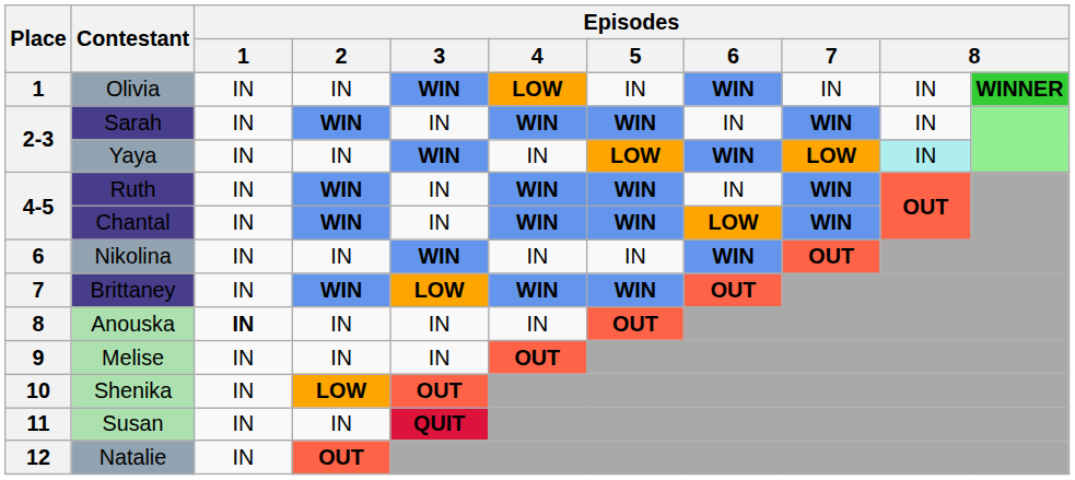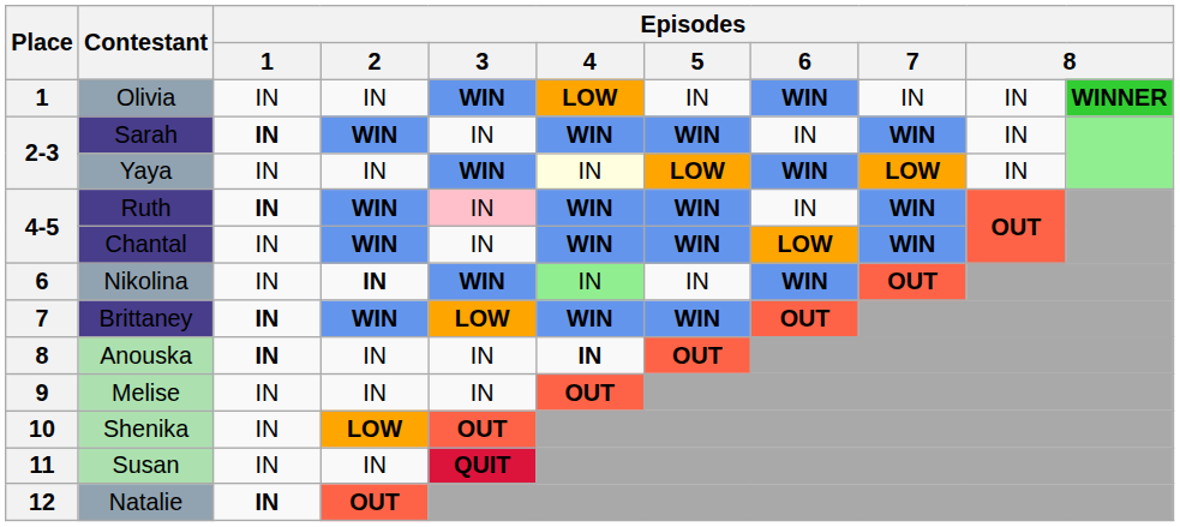 <table class="wikitable" style="text-align:center; font-size:92%">
 <tr>
 <th rowspan=2>Place</th>
 <th rowspan=2>Contestant</th>
 <th colspan=9>Episodes</th>
 </tr>
 <tr>
 <th style="width:60px;">1</th>
 <th style="width:60px;">2</th>
 <th style="width:60px;">3</th>
 <th style="width:60px;">4</th>
 <th style="width:60px;">5</th>
 <th style="width:60px;">6</th>
 <th style="width:60px;">7</th>
 <th colspan="2">8</th>
 </tr>
 <tr>
 <th>1</th>
 <td style="background:#91A3B0;"><span>Olivia</span></td>
 <td>IN</td>
 <td>IN</td>
 <td style="background:cornflowerblue;"><strong>WIN</strong></td>
 <td style="background:orange;"><strong>LOW</strong></td>
 <td>IN</td>
 <td style="background:cornflowerblue;"><strong>WIN</strong></td>
 <td>IN</td>
 <td width="55">IN</td>
 <td style="background:limegreen;"><strong>WINNER</strong></td>
 </tr>
 <tr>
 <th rowspan=2>2-3</th>
 <td style="background:#483d8b;"><span>Sarah</span></td>
-<td>IN</td>
+<td><strong>IN</strong></td>
 <td style="background:cornflowerblue;"><strong>WIN</strong></td>
 <td>IN</td>
 <td style="background:cornflowerblue;"><strong>WIN</strong></td>
 <td style="background:cornflowerblue;"><strong>WIN</strong></td>
 <td>IN</td>
 <td style="background:cornflowerblue;"><strong>WIN</strong></td>
 <td>IN</td>
 <td rowspan="2" style="background:lightgreen;"></td>
 </tr>
 <tr>
 <td style="background:#91A3B0;"><span>Yaya</span></td>
 <td>IN</td>
 <td>IN</td>
 <td style="background:cornflowerblue;"><strong>WIN</strong></td>
-<td>IN</td>
+<td style="background: lightyellow;">IN</td>
 <td style="background:orange;"><strong>LOW</strong></td>
 <td style="background:cornflowerblue;"><strong>WIN</strong></td>
 <td style="background:orange;"><strong>LOW</strong></td>
-<td style="background: paleturquoise;">IN</td>
+<td>IN</td>
 </tr>
 <tr>
 <th rowspan=2>4-5</th>
 <td style="background:#483d8b;"><span>Ruth</span></td>
-<td>IN</td>
+<td><strong>IN</strong></td>
 <td style="background:cornflowerblue;"><strong>WIN</strong></td>
-<td>IN</td>
+<td style="background: pink;">IN</td>
 <td style="background:cornflowerblue;"><strong>WIN</strong></td>
 <td style="background:cornflowerblue;"><strong>WIN</strong></td>
 <td>IN</td>
 <td style="background:cornflowerblue;"><strong>WIN</strong></td>
 <td rowspan="2" style="background:tomato;"><strong>OUT</strong></td>
 <td colspan="15" style="background:darkgrey;"></td>
 </tr>
 <tr>
 <td style="background:#483d8b;"><span>Chantal</span></td>
 <td>IN</td>
 <td style="background:cornflowerblue;"><strong>WIN</strong></td>
 <td>IN</td>
 <td style="background:cornflowerblue;"><strong>WIN</strong></td>
 <td style="background:cornflowerblue;"><strong>WIN</strong></td>
 <td style="background:orange;"><strong>LOW</strong></td>
 <td style="background:cornflowerblue;"><strong>WIN</strong></td>
 <td colspan="15" style="background:darkgrey;"></td>
 </tr>
 <tr>
 <th>6</th>
 <td style="background:#91A3B0;"><span>Nikolina</span></td>
 <td>IN</td>
-<td>IN</td>
+<td><strong>IN</strong></td>
 <td style="background:cornflowerblue;"><strong>WIN</strong></td>
-<td>IN</td>
+<td style="background: lightgreen;">IN</td>
 <td>IN</td>
 <td style="background:cornflowerblue;"><strong>WIN</strong></td>
 <td style="background:tomato;"><strong>OUT</strong></td>
 <td colspan="15" style="background:darkgrey;"></td>
 </tr>
 <tr>
 <th>7</th>
 <td style="background:#483d8b;"><span>Brittaney</span></td>
-<td>IN</td>
+<td><strong>IN</strong></td>
 <td style="background:cornflowerblue;"><strong>WIN</strong></td>
 <td style="background:orange;"><strong>LOW</strong></td>
 <td style="background:cornflowerblue;"><strong>WIN</strong></td>
 <td style="background:cornflowerblue;"><strong>WIN</strong></td>
 <td style="background:tomato;"><strong>OUT</strong></td>
 <td colspan="15" style="background:darkgrey;"></td>
 </tr>
 <tr>
 <th>8</th>
 <td style="background:#ACE1AF;">Anouska</td>
 <td><strong>IN</strong></td>
 <td>IN</td>
 <td>IN</td>
-<td>IN</td>
+<td><strong>IN</strong></td>
 <td style="background:tomato;"><strong>OUT</strong></td>
 <td colspan="15" style="background:darkgrey;"></td>
 </tr>
 <tr>
 <th>9</th>
 <td style="background:#ACE1AF;">Melise</td>
 <td>IN</td>
 <td>IN</td>
 <td>IN</td>
 <td style="background:tomato;"><strong>OUT</strong></td>
 <td colspan="15" style="background:darkgrey;"></td>
 </tr>
 <tr>
 <th>10</th>
 <td style="background:#ACE1AF;">Shenika</td>
 <td>IN</td>
 <td style="background:orange;"><strong>LOW</strong></td>
 <td style="background:tomato;"><strong>OUT</strong></td>
 <td colspan="15" style="background:darkgrey;"></td>
 </tr>
 <tr>
 <th>11</th>
 <td style="background:#ACE1AF;">Susan</td>
 <td>IN</td>
 <td>IN</td>
 <td style="background:crimson;"><span><strong>QUIT</strong></span></td>
 <td colspan="40" style="background:darkgrey;"></td>
 </tr>
 <tr>
 <th>12</th>
 <td style="background:#91A3B0;"><span>Natalie</span></td>
-<td>IN</td>
+<td><strong>IN</strong></td>
 <td style="background:tomato;"><strong>OUT</strong></td>
 <td style="background:darkgrey;" colspan="16"></td>
 </tr>
 </table>
